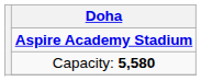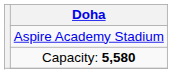 <table class="wikitable" style="text-align:center">
 <tr>
 <th rowspan="4"></th>
 <th><a href='#'>Doha</a></th>
 </tr>
 <tr>
-<td><strong><a href='#'>Aspire Academy Stadium</a></strong></td>
+<td><a href='#'>Aspire Academy Stadium</a></td>
 </tr>
 <tr>
 <td>Capacity: <strong>5,580</strong></td>
 </tr>
 <tr>
 </tr>
 </table>
